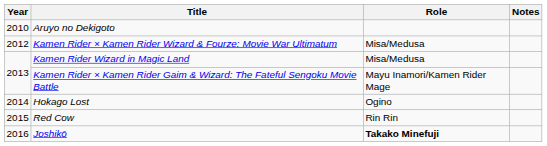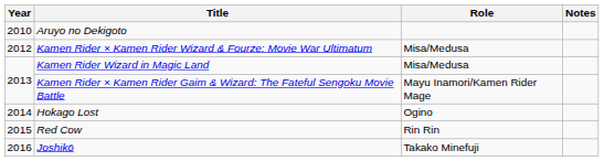 <table class="wikitable">
 <tr>
 <th>Year</th>
 <th>Title</th>
 <th>Role</th>
 <th>Notes</th>
 </tr>
 <tr>
 <td>2010</td>
 <td><em>Aruyo no Dekigoto</em></td>
 <td></td>
 <td></td>
 </tr>
 <tr>
 <td>2012</td>
 <td><em><a href='#'>Kamen Rider × Kamen Rider Wizard & Fourze: Movie War Ultimatum</a></em></td>
 <td>Misa/Medusa</td>
 <td></td>
 </tr>
 <tr>
 <td rowspan="2">2013</td>
 <td><em><a href='#'>Kamen Rider Wizard in Magic Land</a></em></td>
 <td>Misa/Medusa</td>
 <td></td>
 </tr>
 <tr>
 <td><em><a href='#'>Kamen Rider × Kamen Rider Gaim & Wizard: The Fateful Sengoku Movie Battle</a></em></td>
 <td>Mayu Inamori/Kamen Rider Mage</td>
 <td></td>
 </tr>
 <tr>
 <td>2014</td>
 <td><em> Hokago Lost</em></td>
 <td>Ogino</td>
 <td></td>
 </tr>
 <tr>
 <td>2015</td>
 <td><em>Red Cow</em></td>
 <td>Rin Rin</td>
 <td></td>
 </tr>
 <tr>
 <td>2016</td>
 <td><em><a href='#'>Joshikō</a></em></td>
-<td><strong>Takako Minefuji</strong></td>
+<td>Takako Minefuji</td>
 <td></td>
 </tr>
 </table>
